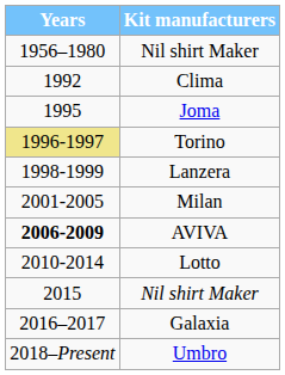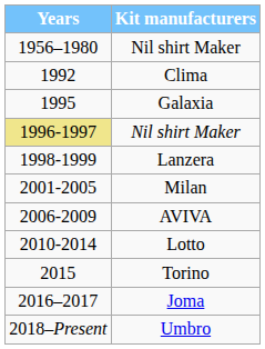 <table class="wikitable" style="text-align: center">
 <tr>
 <th style="color:#fff; background:#73C2FB;">Years</th>
 <th style="color:#fff; background:#73C2FB;">Kit manufacturers</th>
 </tr>
 <tr>
 <td>1956–1980</td>
 <td>Nil shirt Maker</td>
 </tr>
 <tr>
 <td>1992</td>
 <td> Clima</td>
 </tr>
 <tr>
 <td>1995</td>
-<td> <a href='#'>Joma</a></td>
+<td> Galaxia</td>
 </tr>
 <tr>
 <td style="background: khaki;">1996-1997</td>
-<td> Torino</td>
+<td><em> Nil shirt Maker</em></td>
 </tr>
 <tr>
 <td>1998-1999</td>
 <td> Lanzera</td>
 </tr>
 <tr>
 <td>2001-2005</td>
 <td> Milan</td>
 </tr>
 <tr>
-<td><strong>2006-2009</strong></td>
+<td>2006-2009</td>
 <td> AVIVA</td>
 </tr>
 <tr>
 <td>2010-2014</td>
 <td> Lotto</td>
 </tr>
 <tr>
 <td>2015</td>
-<td><em> Nil shirt Maker</em></td>
+<td> Torino</td>
 </tr>
 <tr>
 <td>2016–2017</td>
-<td> Galaxia</td>
+<td> <a href='#'>Joma</a></td>
 </tr>
 <tr>
 <td>2018–<em>Present</em></td>
 <td> <a href='#'>Umbro</a></td>
 </tr>
 </table>
